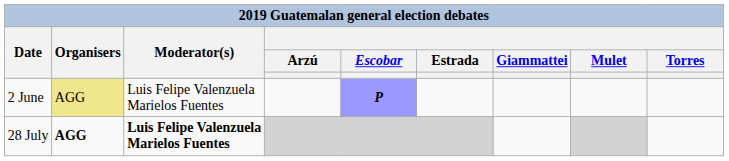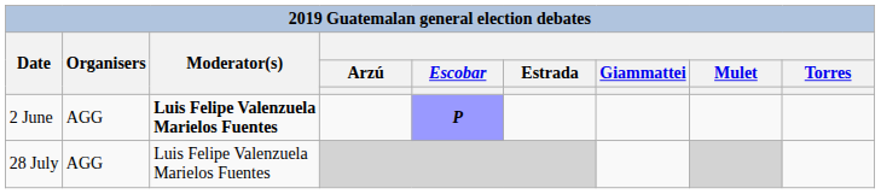 <table class="wikitable" style="font-size:98%; text-align:center;">
 <tr>
 <th style="background:#B0C4DE" colspan="11">2019 Guatemalan general election debates</th>
 </tr>
 <tr>
 <th rowspan="3">Date</th>
 <th rowspan="3">Organisers</th>
 <th rowspan="3">Moderator(s)</th>
 <th colspan="9">    <br>   </th>
 </tr>
 <tr>
 <th scope="col" style="width:5em;">Arzú<br></th>
 <th scope="col" style="width:5em;"><em><a href='#'>Escobar</a><br></em></th>
 <th scope="col" style="width:5em;">Estrada<br></th>
 <th scope="col" style="width:5em;"><a href='#'>Giammattei</a><br></th>
 <th scope="col" style="width:5em;"><a href='#'>Mulet</a><br></th>
 <th scope="col" style="width:5em;"><a href='#'>Torres</a><br></th>
 </tr>
 <tr>
 <th style="background:"></th>
 <th style="background:"></th>
 <th style="background:"></th>
 <th style="background:"></th>
 <th style="background:"></th>
 <th style="background:"></th>
 </tr>
 <tr>
 <td style="white-space:nowrap; text-align:left;">2 June</td>
-<td style="background: khaki; white-space:nowrap; text-align:left;">AGG</td>
-<td style="white-space:nowrap; text-align:left;">Luis Felipe Valenzuela<br>Marielos Fuentes</td>
+<td style="white-space:nowrap; text-align:left;">AGG</td>
+<td style="white-space:nowrap; text-align:left;"><strong>Luis Felipe Valenzuela<br>Marielos Fuentes</strong></td>
 <td></td>
 <td style="background:#9999FF;"><strong><em>P</em></strong></td>
 <td></td>
 <td></td>
 <td></td>
 <td></td>
 </tr>
 <tr>
 <td style="white-space:nowrap; text-align:left;">28 July</td>
-<td style="white-space:nowrap; text-align:left;"><strong>AGG</strong></td>
-<td style="white-space:nowrap; text-align:left;"><strong>Luis Felipe Valenzuela<br>Marielos Fuentes</strong></td>
+<td style="white-space:nowrap; text-align:left;">AGG</td>
+<td style="white-space:nowrap; text-align:left;">Luis Felipe Valenzuela<br>Marielos Fuentes</td>
 <td colspan="3" style="background:lightgray;"></td>
 <td></td>
 <td style="background:lightgray;"></td>
 <td></td>
 </tr>
 </table>
